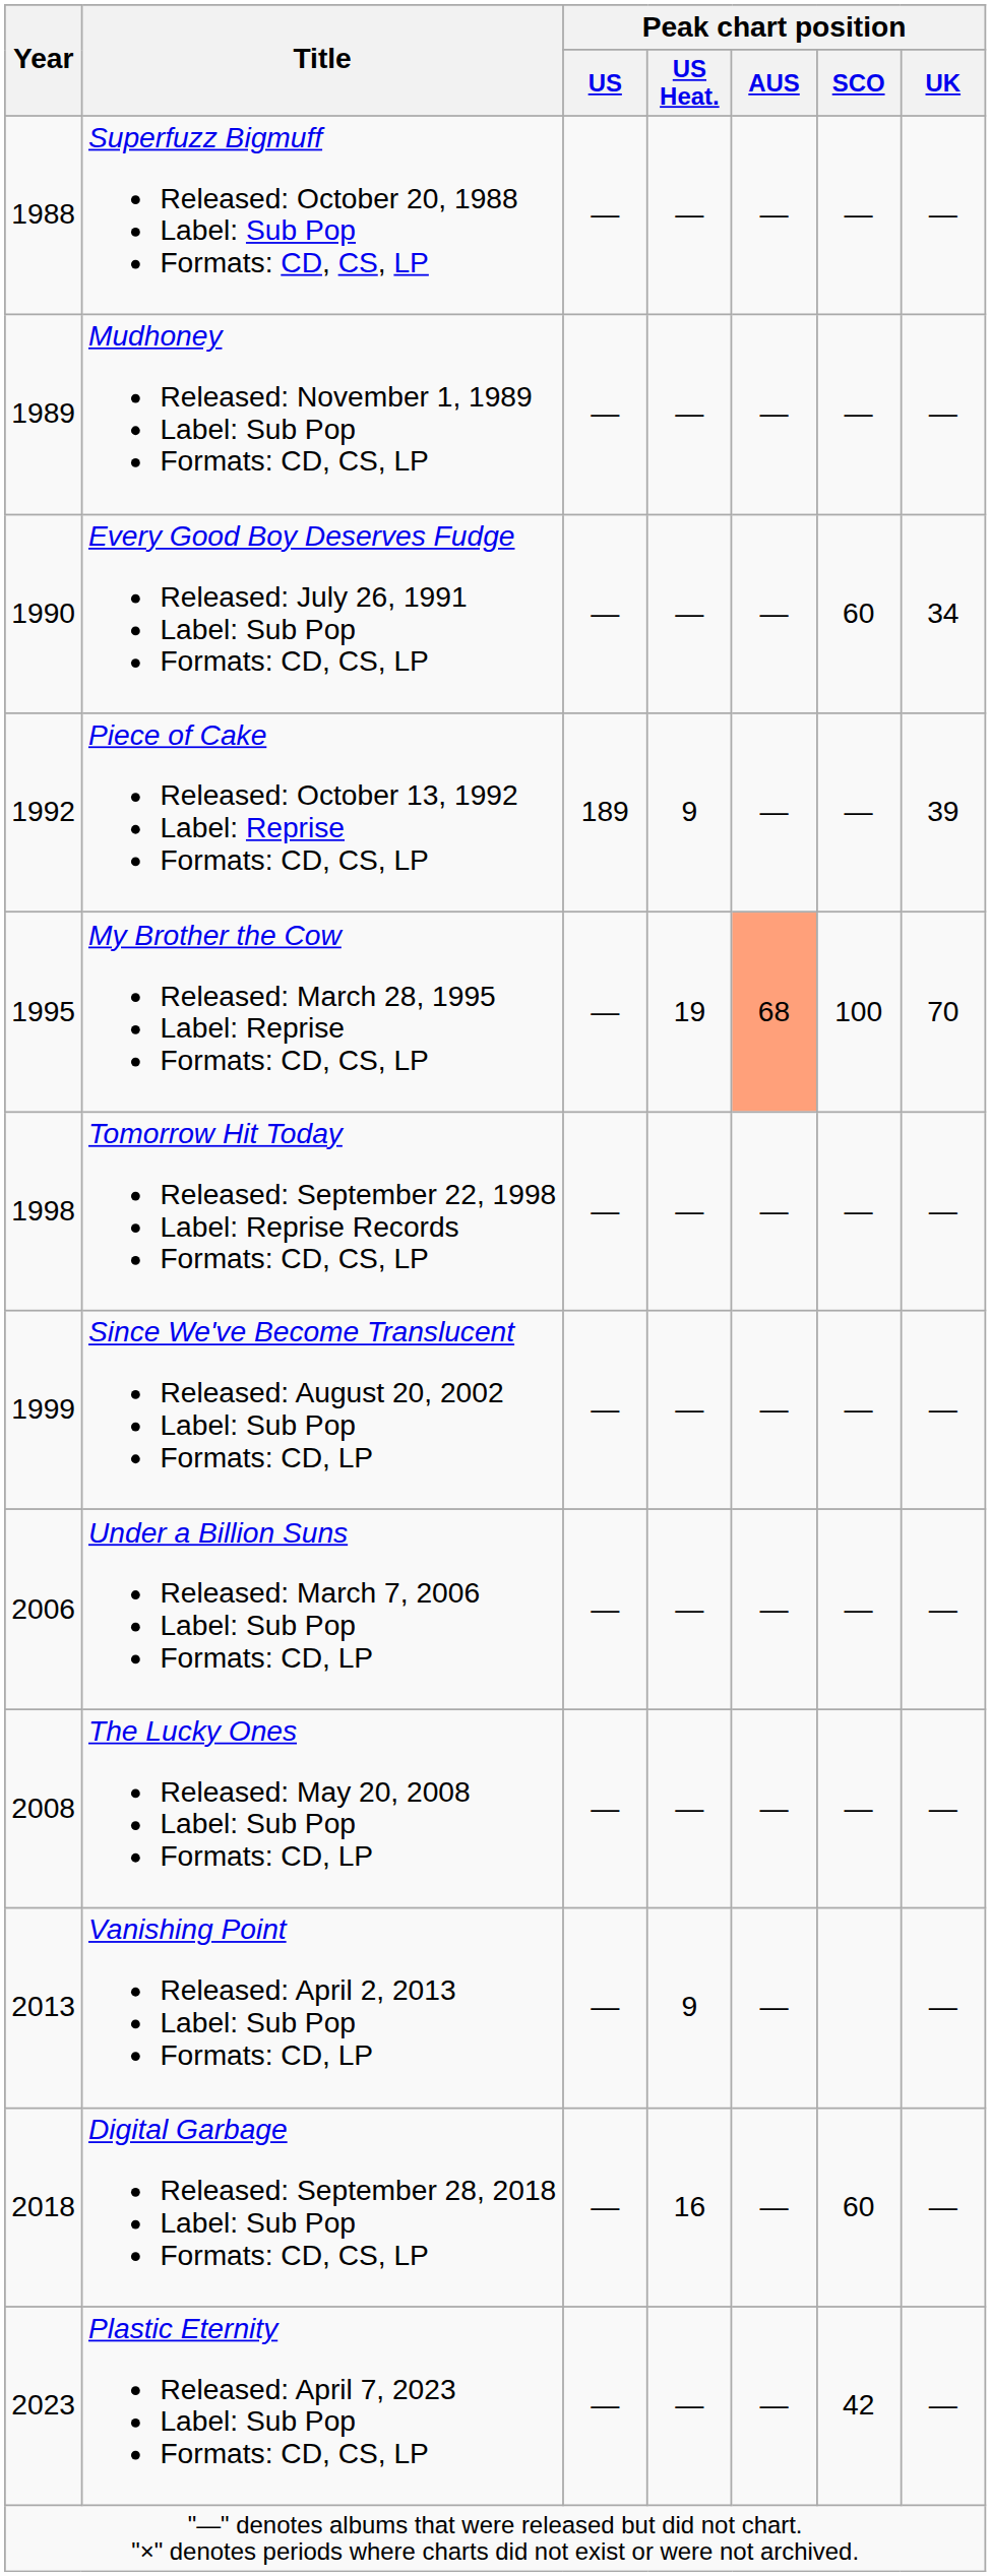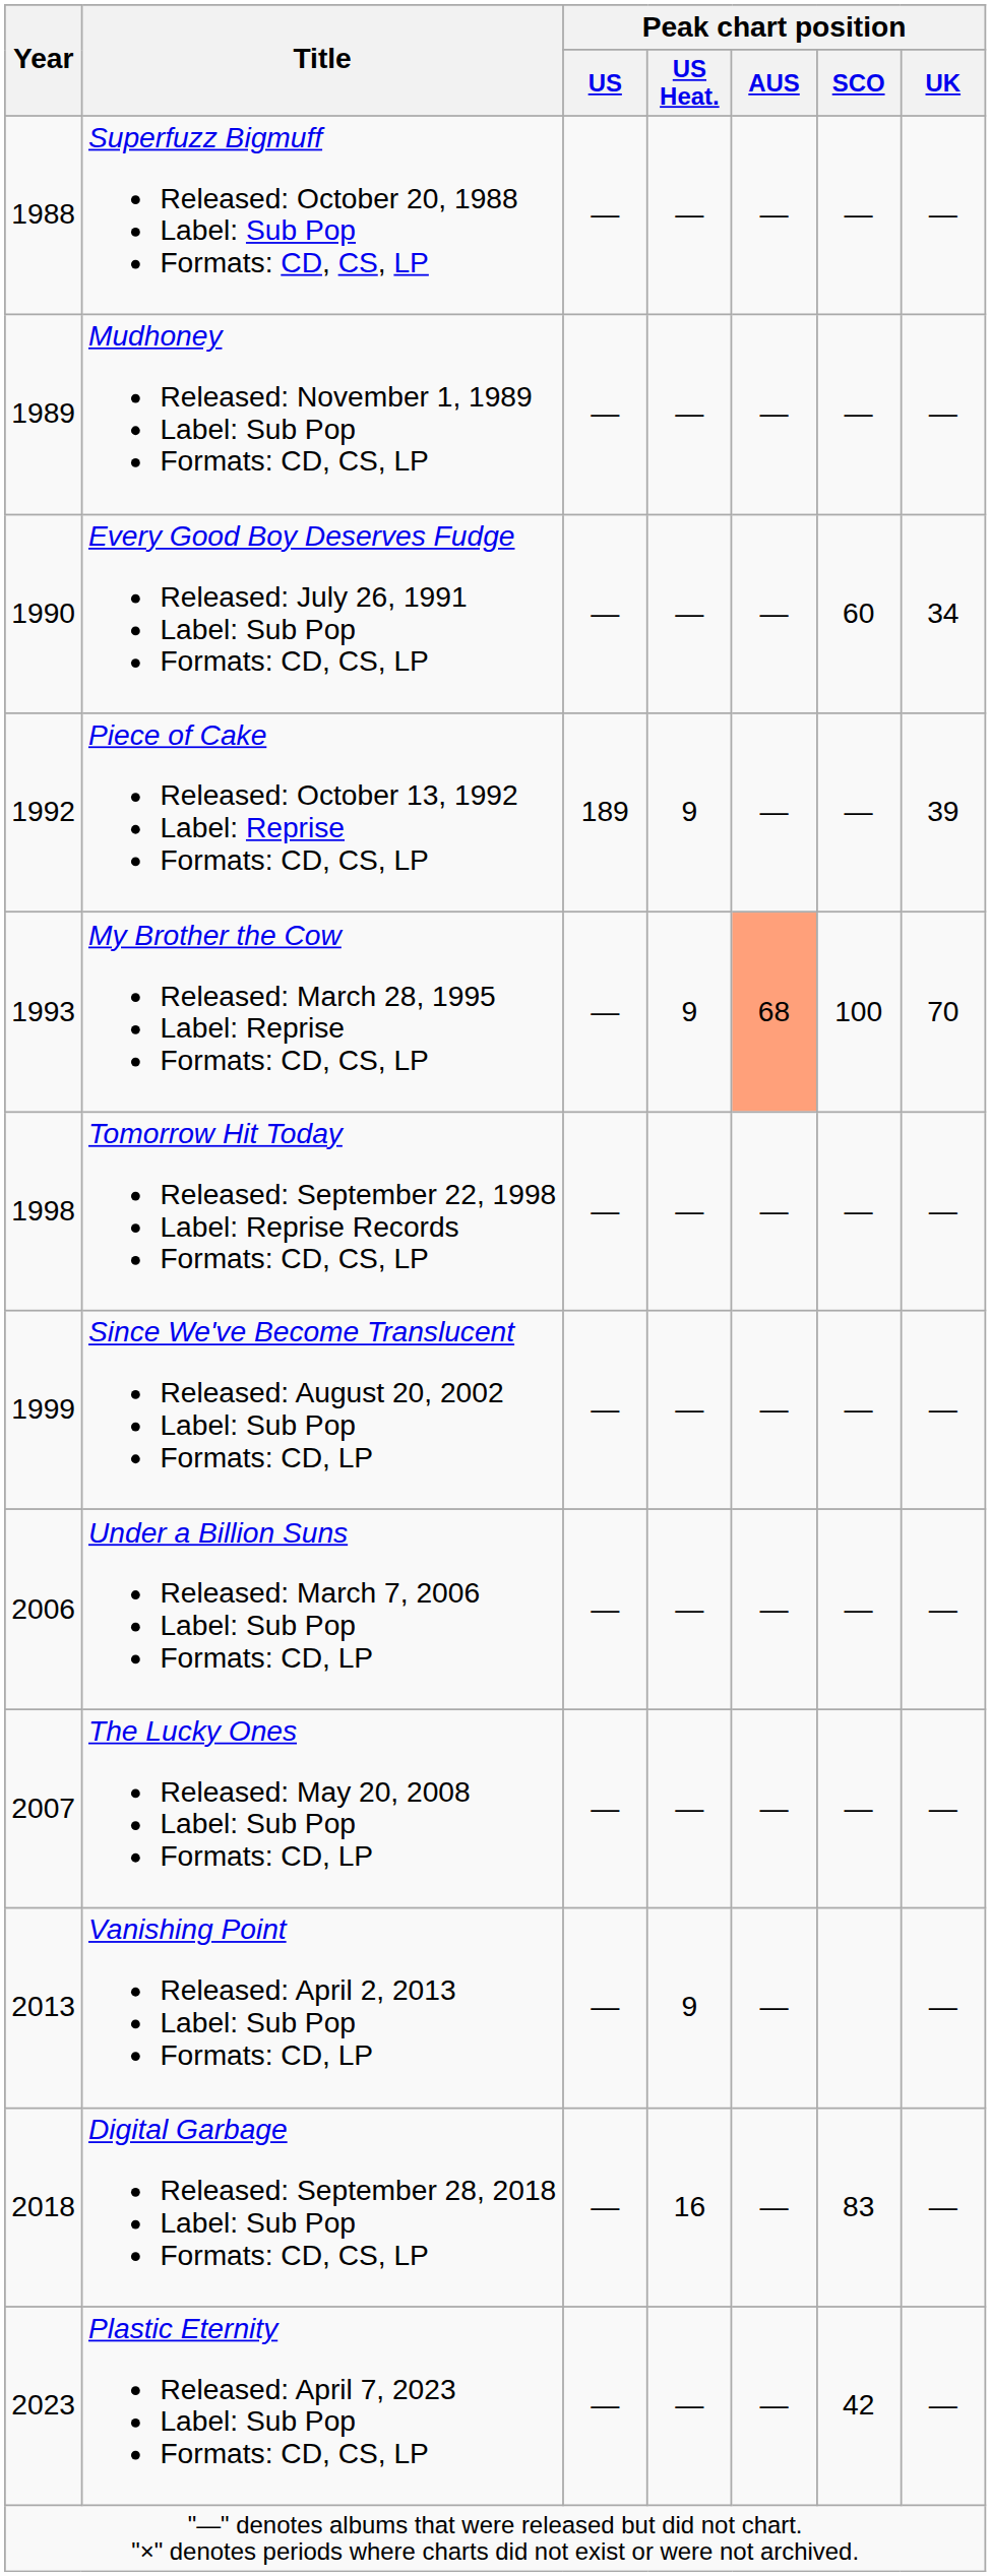 <table class="wikitable">
 <tr>
 <th rowspan="2">Year</th>
 <th rowspan="2">Title</th>
 <th colspan="5">Peak chart position</th>
 </tr>
 <tr>
 <th style="width:3em;font-size:85%"><a href='#'>US</a><br></th>
 <th style="width:3em;font-size:85%"><a href='#'>US<br>Heat.</a><br></th>
 <th style="width:3em;font-size:85%"><a href='#'>AUS</a><br></th>
 <th style="width:3em;font-size:85%"><a href='#'>SCO</a></th>
 <th style="width:3em;font-size:85%"><a href='#'>UK</a><br></th>
 </tr>
 <tr>
 <td>1988</td>
 <td><em><a href='#'>Superfuzz Bigmuff</a></em><br><ul><li>Released: October 20, 1988</li><li>Label: <a href='#'>Sub Pop</a></li><li>Formats: <a href='#'>CD</a>, <a href='#'>CS</a>, <a href='#'>LP</a></li></ul></td>
 <td align="center">—</td>
 <td align="center">—</td>
 <td align="center">—</td>
 <td align="center">—</td>
 <td align="center">—</td>
 </tr>
 <tr>
 <td>1989</td>
 <td><em><a href='#'>Mudhoney</a></em><br><ul><li>Released: November 1, 1989</li><li>Label: Sub Pop</li><li>Formats: CD, CS, LP</li></ul></td>
 <td align="center">—</td>
 <td align="center">—</td>
 <td align="center">—</td>
 <td align="center">—</td>
 <td align="center">—</td>
 </tr>
 <tr>
 <td>1990</td>
 <td><em><a href='#'>Every Good Boy Deserves Fudge</a></em><br><ul><li>Released: July 26, 1991</li><li>Label: Sub Pop</li><li>Formats: CD, CS, LP</li></ul></td>
 <td align="center">—</td>
 <td align="center">—</td>
 <td align="center">—</td>
 <td align="center">60</td>
 <td align="center">34</td>
 </tr>
 <tr>
 <td>1992</td>
 <td><em><a href='#'>Piece of Cake</a></em><br><ul><li>Released: October 13, 1992</li><li>Label: <a href='#'>Reprise</a></li><li>Formats: CD, CS, LP</li></ul></td>
 <td align="center">189</td>
 <td align="center">9</td>
 <td align="center">—</td>
 <td align="center">—</td>
 <td align="center">39</td>
 </tr>
 <tr>
-<td>1995</td>
+<td>1993</td>
 <td><em><a href='#'>My Brother the Cow</a></em><br><ul><li>Released: March 28, 1995</li><li>Label: Reprise</li><li>Formats: CD, CS, LP</li></ul></td>
 <td align="center">—</td>
-<td align="center">19</td>
+<td align="center">9</td>
 <td align="center" style="background: lightsalmon;">68</td>
 <td align="center">100</td>
 <td align="center">70</td>
 </tr>
 <tr>
 <td>1998</td>
 <td><em><a href='#'>Tomorrow Hit Today</a></em><br><ul><li>Released: September 22, 1998</li><li>Label: Reprise Records</li><li>Formats: CD, CS, LP</li></ul></td>
 <td align="center">—</td>
 <td align="center">—</td>
 <td align="center">—</td>
 <td align="center">—</td>
 <td align="center">—</td>
 </tr>
 <tr>
 <td>1999</td>
 <td><em><a href='#'>Since We've Become Translucent</a></em><br><ul><li>Released: August 20, 2002</li><li>Label: Sub Pop</li><li>Formats: CD, LP</li></ul></td>
 <td align="center">—</td>
 <td align="center">—</td>
 <td align="center">—</td>
 <td align="center">—</td>
 <td align="center">—</td>
 </tr>
 <tr>
 <td>2006</td>
 <td><em><a href='#'>Under a Billion Suns</a></em><br><ul><li>Released: March 7, 2006</li><li>Label: Sub Pop</li><li>Formats: CD, LP</li></ul></td>
 <td align="center">—</td>
 <td align="center">—</td>
 <td align="center">—</td>
 <td align="center">—</td>
 <td align="center">—</td>
 </tr>
 <tr>
-<td>2008</td>
+<td>2007</td>
 <td><em><a href='#'>The Lucky Ones</a></em><br><ul><li>Released: May 20, 2008</li><li>Label: Sub Pop</li><li>Formats: CD, LP</li></ul></td>
 <td align="center">—</td>
 <td align="center">—</td>
 <td align="center">—</td>
 <td align="center">—</td>
 <td align="center">—</td>
 </tr>
 <tr>
 <td>2013</td>
 <td><em><a href='#'>Vanishing Point</a> </em><br><ul><li>Released: April 2, 2013</li><li>Label: Sub Pop</li><li>Formats: CD, LP</li></ul></td>
 <td align="center">—</td>
 <td align="center">9</td>
 <td align="center">—</td>
 <td align="center"></td>
 <td align="center">—</td>
 </tr>
 <tr>
 <td>2018</td>
 <td><em><a href='#'>Digital Garbage</a> </em><br><ul><li>Released: September 28, 2018</li><li>Label: Sub Pop</li><li>Formats: CD, CS, LP</li></ul></td>
 <td align="center">—</td>
 <td align="center">16</td>
 <td align="center">—</td>
-<td align="center">60</td>
+<td align="center">83</td>
 <td align="center">—</td>
 </tr>
 <tr>
 <td>2023</td>
 <td><em><a href='#'>Plastic Eternity</a> </em><br><ul><li>Released: April 7, 2023</li><li>Label: Sub Pop</li><li>Formats: CD, CS, LP</li></ul></td>
 <td align="center">—</td>
 <td align="center">—</td>
 <td align="center">—</td>
 <td align="center">42</td>
 <td align="center">—</td>
 </tr>
 <tr>
 <td align="center" colspan="20" style="font-size: 85%">"—" denotes albums that were released but did not chart.<br>"×" denotes periods where charts did not exist or were not archived.</td>
 </tr>
 </table>
